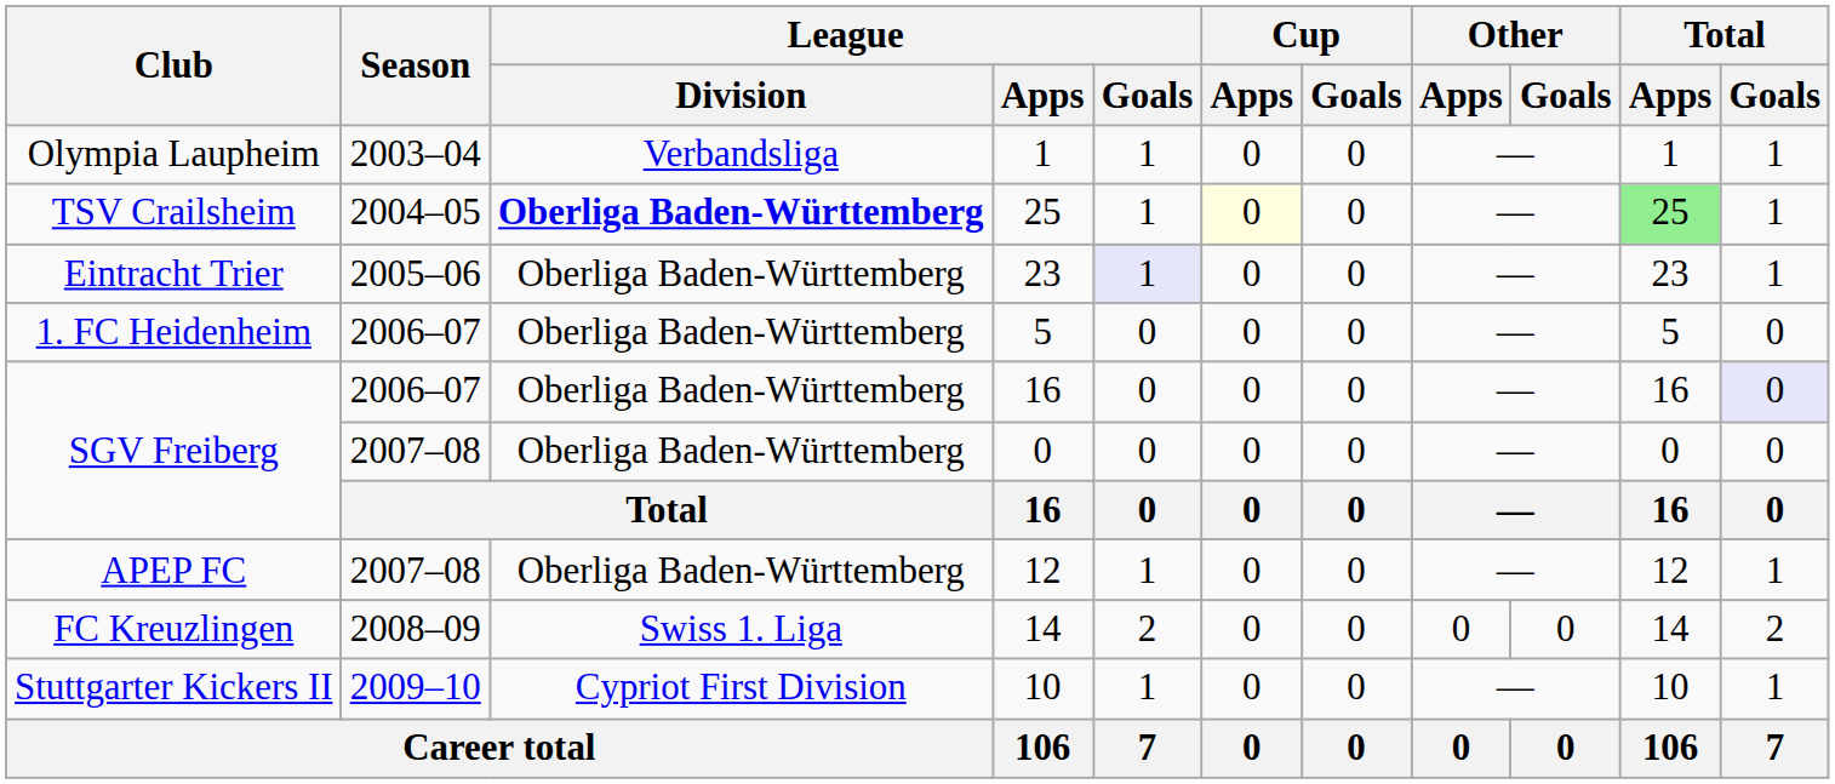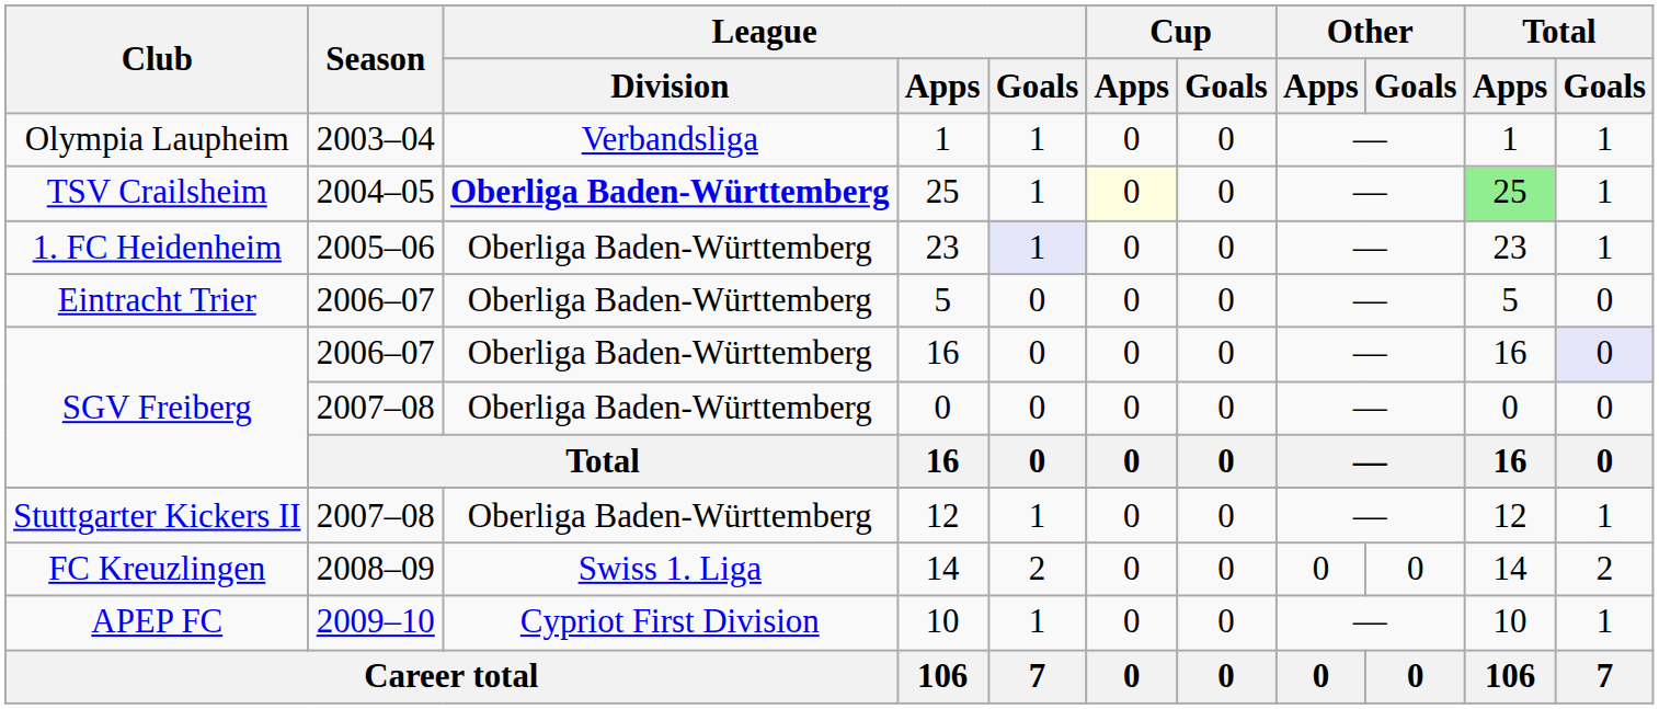 <table class="wikitable" style="text-align:center">
 <tr>
 <th rowspan="2">Club</th>
 <th rowspan="2">Season</th>
 <th colspan="3">League</th>
 <th colspan="2">Cup</th>
 <th colspan="2">Other</th>
 <th colspan="2">Total</th>
 </tr>
 <tr>
 <th>Division</th>
 <th>Apps</th>
 <th>Goals</th>
 <th>Apps</th>
 <th>Goals</th>
 <th>Apps</th>
 <th>Goals</th>
 <th>Apps</th>
 <th>Goals</th>
 </tr>
 <tr>
 <td>Olympia Laupheim</td>
 <td>2003–04</td>
 <td><a href='#'>Verbandsliga</a></td>
 <td>1</td>
 <td>1</td>
 <td>0</td>
 <td>0</td>
 <td colspan="2">—</td>
 <td>1</td>
 <td>1</td>
 </tr>
 <tr>
 <td><a href='#'>TSV Crailsheim</a></td>
 <td>2004–05</td>
 <td><strong><a href='#'>Oberliga Baden-Württemberg</a></strong></td>
 <td>25</td>
 <td>1</td>
 <td style="background: lightyellow;">0</td>
 <td>0</td>
 <td colspan="2">—</td>
 <td style="background: lightgreen;">25</td>
 <td>1</td>
 </tr>
 <tr>
-<td><a href='#'>Eintracht Trier</a></td>
+<td><a href='#'>1. FC Heidenheim</a></td>
 <td>2005–06</td>
 <td>Oberliga Baden-Württemberg</td>
 <td>23</td>
 <td style="background: lavender;">1</td>
 <td>0</td>
 <td>0</td>
 <td colspan="2">—</td>
 <td>23</td>
 <td>1</td>
 </tr>
 <tr>
-<td><a href='#'>1. FC Heidenheim</a></td>
+<td><a href='#'>Eintracht Trier</a></td>
 <td>2006–07</td>
 <td>Oberliga Baden-Württemberg</td>
 <td>5</td>
 <td>0</td>
 <td>0</td>
 <td>0</td>
 <td colspan="2">—</td>
 <td>5</td>
 <td>0</td>
 </tr>
 <tr>
 <td rowspan="3"><a href='#'>SGV Freiberg</a></td>
 <td>2006–07</td>
 <td>Oberliga Baden-Württemberg</td>
 <td>16</td>
 <td>0</td>
 <td>0</td>
 <td>0</td>
 <td colspan="2">—</td>
 <td>16</td>
 <td style="background: lavender;">0</td>
 </tr>
 <tr>
 <td>2007–08</td>
 <td>Oberliga Baden-Württemberg</td>
 <td>0</td>
 <td>0</td>
 <td>0</td>
 <td>0</td>
 <td colspan="2">—</td>
 <td>0</td>
 <td>0</td>
 </tr>
 <tr>
 <th colspan="2">Total</th>
 <th>16</th>
 <th>0</th>
 <th>0</th>
 <th>0</th>
 <th colspan="2">—</th>
 <th>16</th>
 <th>0</th>
 </tr>
 <tr>
-<td><a href='#'>APEP FC</a></td>
+<td><a href='#'>Stuttgarter Kickers II</a></td>
 <td>2007–08</td>
 <td>Oberliga Baden-Württemberg</td>
 <td>12</td>
 <td>1</td>
 <td>0</td>
 <td>0</td>
 <td colspan="2">—</td>
 <td>12</td>
 <td>1</td>
 </tr>
 <tr>
 <td><a href='#'>FC Kreuzlingen</a></td>
 <td>2008–09</td>
 <td><a href='#'>Swiss 1. Liga</a></td>
 <td>14</td>
 <td>2</td>
 <td>0</td>
 <td>0</td>
 <td>0</td>
 <td>0</td>
 <td>14</td>
 <td>2</td>
 </tr>
 <tr>
-<td><a href='#'>Stuttgarter Kickers II</a></td>
+<td><a href='#'>APEP FC</a></td>
 <td><a href='#'>2009–10</a></td>
 <td><a href='#'>Cypriot First Division</a></td>
 <td>10</td>
 <td>1</td>
 <td>0</td>
 <td>0</td>
 <td colspan="2">—</td>
 <td>10</td>
 <td>1</td>
 </tr>
 <tr>
 <th colspan="3">Career total</th>
 <th>106</th>
 <th>7</th>
 <th>0</th>
 <th>0</th>
 <th>0</th>
 <th>0</th>
 <th>106</th>
 <th>7</th>
 </tr>
 </table>
